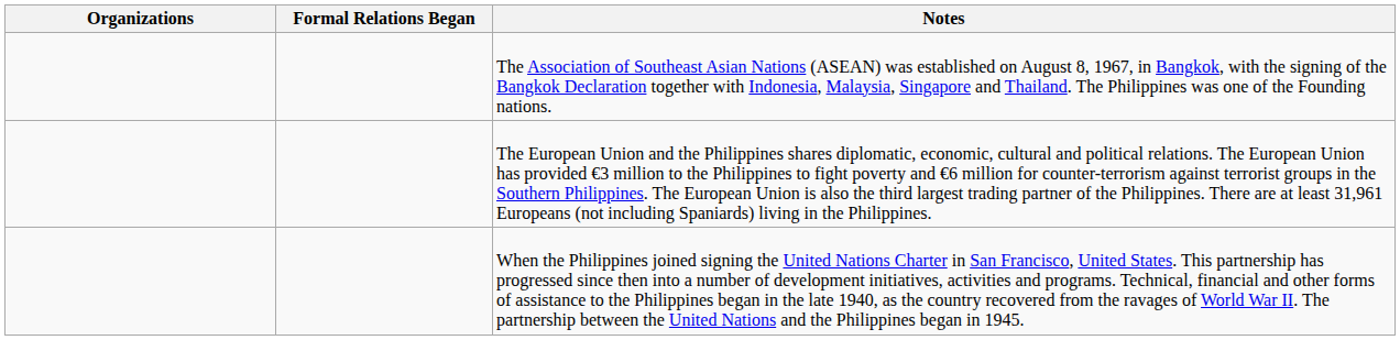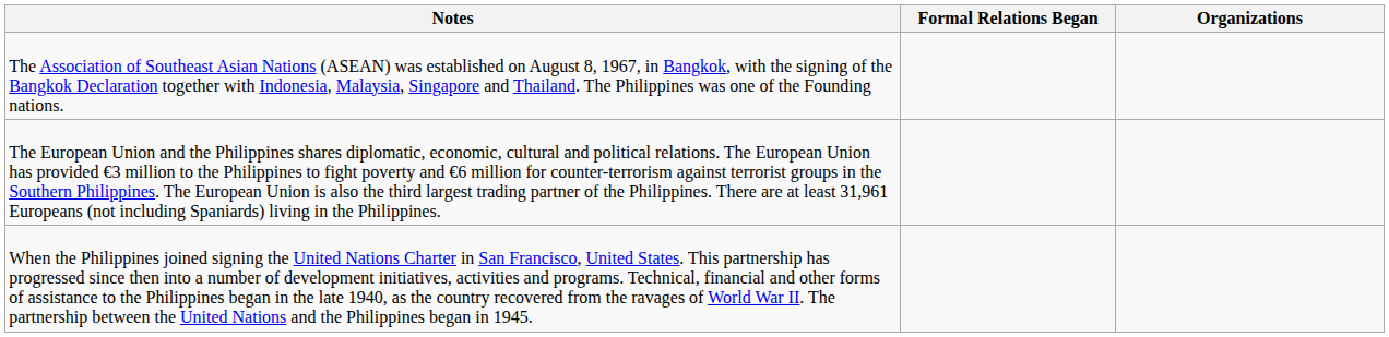 <table class="wikitable sortable" style="width:100%; margin:auto;">
 <tr>
+<th class="unsortable" style="width:50%;">Notes</th>
+<th style="width:12%;">Formal Relations Began</th>
 <th style="width:15%;">Organizations</th>
-<th style="width:12%;">Formal Relations Began</th>
-<th class="unsortable" style="width:50%;">Notes</th>
 </tr>
 <tr valign="top">
+<td><br>The <a href='#'>Association of Southeast Asian Nations</a> (ASEAN) was established on August 8, 1967, in <a href='#'>Bangkok</a>, with the signing of the <a href='#'>Bangkok Declaration</a> together with <a href='#'>Indonesia</a>, <a href='#'>Malaysia</a>, <a href='#'>Singapore</a> and <a href='#'>Thailand</a>. The Philippines was one of the Founding nations.</td>
 <td></td>
 <td></td>
-<td><br>The <a href='#'>Association of Southeast Asian Nations</a> (ASEAN) was established on August 8, 1967, in <a href='#'>Bangkok</a>, with the signing of the <a href='#'>Bangkok Declaration</a> together with <a href='#'>Indonesia</a>, <a href='#'>Malaysia</a>, <a href='#'>Singapore</a> and <a href='#'>Thailand</a>. The Philippines was one of the Founding nations.</td>
 </tr>
 <tr valign="top">
+<td><br>The European Union and the Philippines shares diplomatic, economic, cultural and political relations. The European Union has provided €3 million to the Philippines to fight poverty and €6 million for counter-terrorism against terrorist groups in the <a href='#'>Southern Philippines</a>. The European Union is also the third largest trading partner of the Philippines. There are at least 31,961 Europeans (not including Spaniards) living in the Philippines.</td>
 <td></td>
 <td></td>
-<td><br>The European Union and the Philippines shares diplomatic, economic, cultural and political relations. The European Union has provided €3 million to the Philippines to fight poverty and €6 million for counter-terrorism against terrorist groups in the <a href='#'>Southern Philippines</a>. The European Union is also the third largest trading partner of the Philippines. There are at least 31,961 Europeans (not including Spaniards) living in the Philippines.</td>
 </tr>
 <tr valign="top">
+<td><br>When the Philippines joined signing the <a href='#'>United Nations Charter</a> in <a href='#'>San Francisco</a>, <a href='#'>United States</a>. This partnership has progressed since then into a number of development initiatives, activities and programs. Technical, financial and other forms of assistance to the Philippines began in the late 1940, as the country recovered from the ravages of <a href='#'>World War II</a>. The partnership between the <a href='#'>United Nations</a> and the Philippines began in 1945.</td>
 <td></td>
 <td></td>
-<td><br>When the Philippines joined signing the <a href='#'>United Nations Charter</a> in <a href='#'>San Francisco</a>, <a href='#'>United States</a>. This partnership has progressed since then into a number of development initiatives, activities and programs. Technical, financial and other forms of assistance to the Philippines began in the late 1940, as the country recovered from the ravages of <a href='#'>World War II</a>. The partnership between the <a href='#'>United Nations</a> and the Philippines began in 1945.</td>
 </tr>
 </table>
